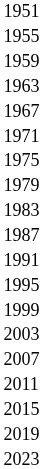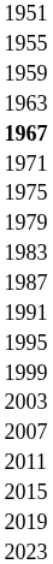 <table>
 <tr>
 <td>1951</td>
 <td></td>
 <td></td>
 <td></td>
 </tr>
 <tr>
 <td>1955</td>
 <td></td>
 <td></td>
 <td></td>
 </tr>
 <tr>
 <td>1959</td>
 <td></td>
 <td></td>
 <td></td>
 </tr>
 <tr>
 <td>1963</td>
 <td></td>
 <td></td>
 <td></td>
 </tr>
 <tr>
-<td>1967</td>
+<td><strong>1967</strong></td>
 <td></td>
 <td></td>
 <td></td>
 </tr>
 <tr>
 <td>1971</td>
 <td></td>
 <td></td>
 <td></td>
 </tr>
 <tr>
 <td>1975</td>
 <td></td>
 <td></td>
 <td></td>
 </tr>
 <tr>
 <td>1979</td>
 <td></td>
 <td></td>
 <td></td>
 </tr>
 <tr>
 <td>1983</td>
 <td></td>
 <td></td>
 <td></td>
 </tr>
 <tr>
 <td>1987</td>
 <td></td>
 <td></td>
 <td></td>
 </tr>
 <tr>
 <td>1991</td>
 <td></td>
 <td></td>
 <td></td>
 </tr>
 <tr>
 <td>1995</td>
 <td></td>
 <td></td>
 <td></td>
 </tr>
 <tr>
 <td rowspan=2>1999</td>
 <td rowspan=2></td>
 <td rowspan=2></td>
 <td></td>
 </tr>
 <tr>
 <td></td>
 </tr>
 <tr>
 <td>2003</td>
 <td></td>
 <td></td>
 <td><br></td>
 </tr>
 <tr>
 <td>2007</td>
 <td></td>
 <td></td>
 <td><br></td>
 </tr>
 <tr>
 <td rowspan=2>2011<br></td>
 <td rowspan=2></td>
 <td rowspan=2></td>
 <td></td>
 </tr>
 <tr>
 <td></td>
 </tr>
 <tr>
 <td rowspan=2>2015<br></td>
 <td rowspan=2></td>
 <td rowspan=2></td>
 <td></td>
 </tr>
 <tr>
 <td></td>
 </tr>
 <tr>
 <td rowspan=2>2019 <br></td>
 <td rowspan=2></td>
 <td rowspan=2></td>
 <td></td>
 </tr>
 <tr>
 <td></td>
 </tr>
 <tr>
 <td rowspan=2>2023<br></td>
 <td rowspan=2></td>
 <td rowspan=2></td>
 <td></td>
 </tr>
 <tr>
 <td></td>
 </tr>
 </table>
